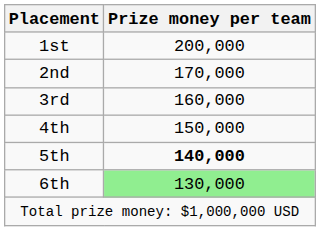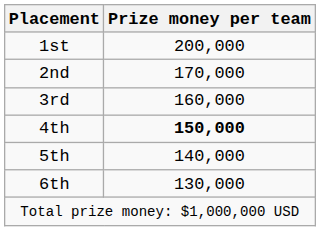 <table class="wikitable" style="text-align:center">
 <tr>
 <th>Placement</th>
 <th>Prize money per team</th>
 </tr>
 <tr>
 <td>1st</td>
 <td>200,000</td>
 </tr>
 <tr>
 <td>2nd</td>
 <td>170,000</td>
 </tr>
 <tr>
 <td>3rd</td>
 <td>160,000</td>
 </tr>
 <tr>
 <td>4th</td>
-<td>150,000</td>
+<td><strong>150,000</strong></td>
 </tr>
 <tr>
 <td>5th</td>
-<td><strong>140,000</strong></td>
+<td>140,000</td>
 </tr>
 <tr>
 <td>6th</td>
-<td style="background: lightgreen;">130,000</td>
+<td>130,000</td>
 </tr>
 <tr>
 <td colspan=3 align=center><small>Total prize money: $1,000,000 USD</small></td>
 </tr>
 </table>
